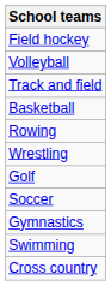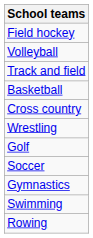 <table class="wikitable">
 <tr>
 <th>School teams</th>
 </tr>
 <tr>
 <td><a href='#'>Field hockey</a></td>
 </tr>
 <tr>
 <td><a href='#'>Volleyball</a></td>
 </tr>
 <tr>
 <td><a href='#'>Track and field</a></td>
 </tr>
 <tr>
 <td><a href='#'>Basketball</a></td>
 </tr>
 <tr>
-<td><a href='#'>Rowing</a></td>
+<td><a href='#'>Cross country</a></td>
 </tr>
 <tr>
 <td><a href='#'>Wrestling</a></td>
 </tr>
 <tr>
 <td><a href='#'>Golf</a></td>
 </tr>
 <tr>
 <td><a href='#'>Soccer</a></td>
 </tr>
 <tr>
 <td><a href='#'>Gymnastics</a></td>
 </tr>
 <tr>
 <td><a href='#'>Swimming</a></td>
 </tr>
 <tr>
-<td><a href='#'>Cross country</a></td>
+<td><a href='#'>Rowing</a></td>
 </tr>
 </table>
